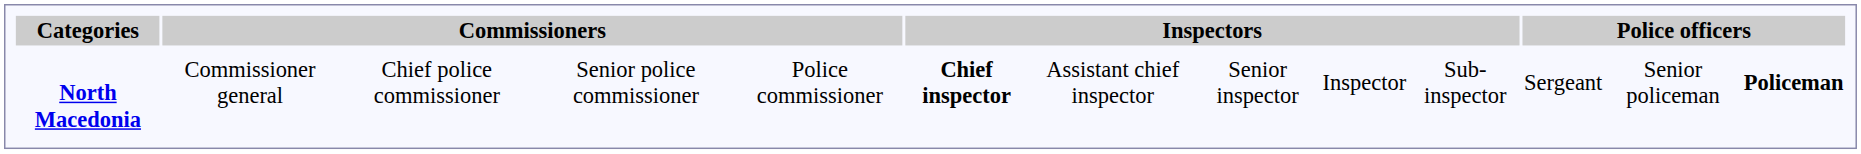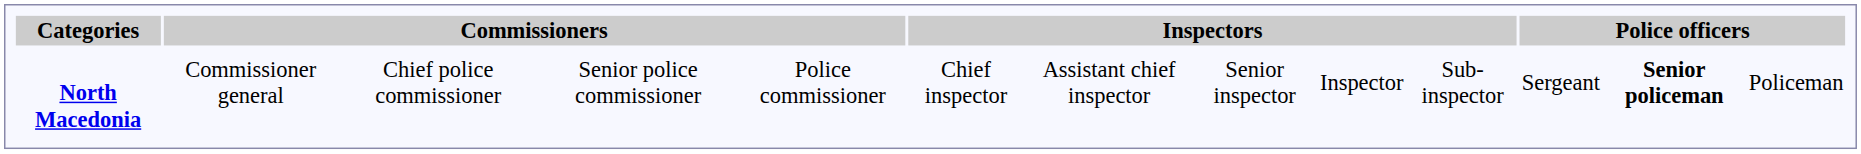 <table style="border:1px solid #8888aa; background:#f7f8ff; padding:5px; font-size:95%; margin:0 12px 12px 0;">
 <tr style="background:#ccc;">
 <th><strong>Categories</strong></th>
 <th colspan=4>Commissioners</th>
 <th colspan=5>Inspectors</th>
 <th colspan=3>Police officers</th>
 </tr>
 <tr style="text-align:center;">
 <td rowspan="2"><strong><br><a href='#'>North Macedonia</a> </strong><br></td>
 <td></td>
 <td></td>
 <td></td>
 <td></td>
 <td></td>
 <td></td>
 <td></td>
 <td></td>
 <td></td>
 <td></td>
 <td></td>
 <td></td>
 </tr>
 <tr style="text-align:center;">
 <td>Commissioner general<br><br></td>
 <td>Chief police commissioner<br><br></td>
 <td>Senior police commissioner<br><br></td>
 <td>Police commissioner<br><br></td>
-<td><strong>Chief inspector<br><br></strong></td>
+<td>Chief inspector<br><br></td>
 <td>Assistant chief inspector<br><br></td>
 <td>Senior inspector<br><br></td>
 <td>Inspector<br><br></td>
 <td>Sub-inspector<br><br></td>
 <td>Sergeant<br><br></td>
-<td>Senior policeman<br><br></td>
-<td><strong>Policeman<br><br></strong></td>
+<td><strong>Senior policeman<br><br></strong></td>
+<td>Policeman<br><br></td>
 </tr>
 </table>
